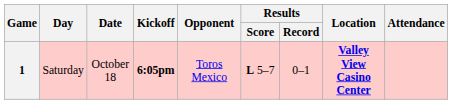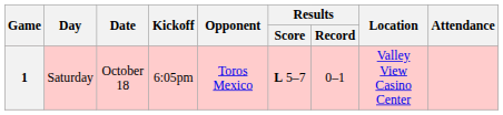 <table class="wikitable">
 <tr>
 <th rowspan="2" width="40">Game</th>
 <th rowspan="2" width="60">Day</th>
 <th rowspan="2" width="110">Date</th>
 <th rowspan="2" width="60">Kickoff</th>
 <th rowspan="2" width="180">Opponent</th>
 <th colspan="2" width="180">Results</th>
 <th rowspan="2" width="240">Location</th>
 <th rowspan="2" width="80">Attendance</th>
 </tr>
 <tr>
 <th width="120">Score</th>
 <th width="60">Record</th>
 </tr>
 <tr align="center" bgcolor="#FFCCCC">
 <th>1</th>
 <td>Saturday</td>
 <td>October 18</td>
-<td><strong>6:05pm</strong></td>
+<td>6:05pm</td>
 <td><a href='#'>Toros Mexico</a></td>
 <td><strong>L</strong> 5–7</td>
 <td>0–1</td>
-<td><strong><a href='#'>Valley View Casino Center</a></strong></td>
+<td><a href='#'>Valley View Casino Center</a></td>
 <td></td>
 </tr>
 </table>
